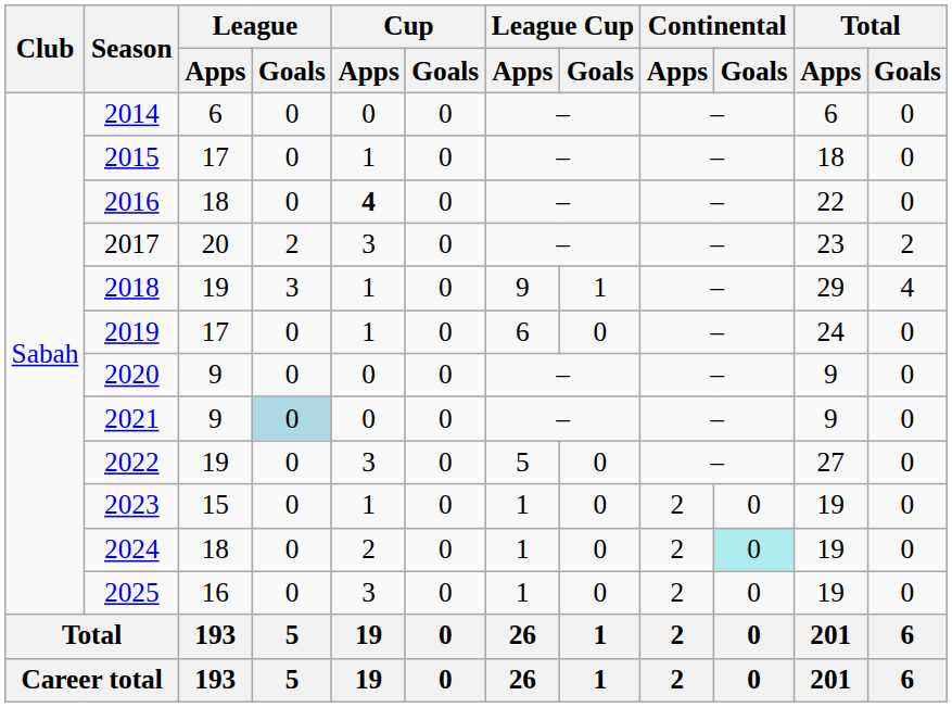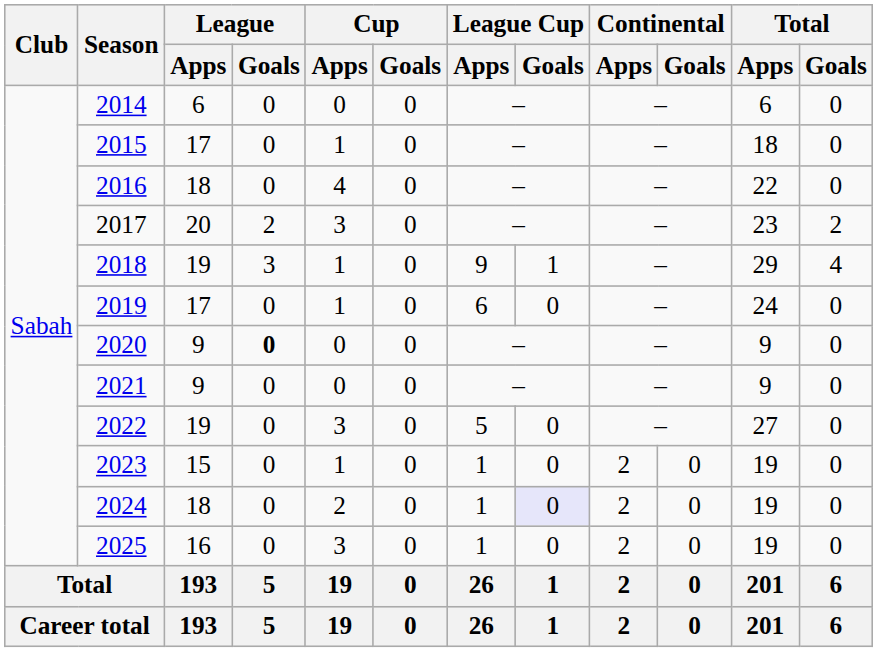 <table class="wikitable" style="text-align: center;">
 <tr>
 <th rowspan="2">Club</th>
 <th rowspan="2">Season</th>
 <th colspan="2">League</th>
 <th colspan="2">Cup</th>
 <th colspan="2">League Cup</th>
 <th colspan="2">Continental</th>
 <th colspan="2">Total</th>
 </tr>
 <tr>
 <th>Apps</th>
 <th>Goals</th>
 <th>Apps</th>
 <th>Goals</th>
 <th>Apps</th>
 <th>Goals</th>
 <th>Apps</th>
 <th>Goals</th>
 <th>Apps</th>
 <th>Goals</th>
 </tr>
 <tr>
 <td rowspan="12" valign="center"><a href='#'>Sabah</a></td>
 <td><a href='#'>2014</a></td>
 <td>6</td>
 <td>0</td>
 <td>0</td>
 <td>0</td>
 <td colspan=2>–</td>
 <td colspan=2>–</td>
 <td>6</td>
 <td>0</td>
 </tr>
 <tr>
 <td><a href='#'>2015</a></td>
 <td>17</td>
 <td>0</td>
 <td>1</td>
 <td>0</td>
 <td colspan=2>–</td>
 <td colspan=2>–</td>
 <td>18</td>
 <td>0</td>
 </tr>
 <tr>
 <td><a href='#'>2016</a></td>
 <td>18</td>
 <td>0</td>
-<td><strong>4</strong></td>
+<td>4</td>
 <td>0</td>
 <td colspan=2>–</td>
 <td colspan=2>–</td>
 <td>22</td>
 <td>0</td>
 </tr>
 <tr>
 <td>2017</td>
 <td>20</td>
 <td>2</td>
 <td>3</td>
 <td>0</td>
 <td colspan=2>–</td>
 <td colspan=2>–</td>
 <td>23</td>
 <td>2</td>
 </tr>
 <tr>
 <td><a href='#'>2018</a></td>
 <td>19</td>
 <td>3</td>
 <td>1</td>
 <td>0</td>
 <td>9</td>
 <td>1</td>
 <td colspan=2>–</td>
 <td>29</td>
 <td>4</td>
 </tr>
 <tr>
 <td><a href='#'>2019</a></td>
 <td>17</td>
 <td>0</td>
 <td>1</td>
 <td>0</td>
 <td>6</td>
 <td>0</td>
 <td colspan=2>–</td>
 <td>24</td>
 <td>0</td>
 </tr>
 <tr>
 <td><a href='#'>2020</a></td>
 <td>9</td>
-<td>0</td>
+<td><strong>0</strong></td>
 <td>0</td>
 <td>0</td>
 <td colspan=2>–</td>
 <td colspan=2>–</td>
 <td>9</td>
 <td>0</td>
 </tr>
 <tr>
 <td><a href='#'>2021</a></td>
 <td>9</td>
-<td style="background: lightblue;">0</td>
+<td>0</td>
 <td>0</td>
 <td>0</td>
 <td colspan=2>–</td>
 <td colspan=2>–</td>
 <td>9</td>
 <td>0</td>
 </tr>
 <tr>
 <td><a href='#'>2022</a></td>
 <td>19</td>
 <td>0</td>
 <td>3</td>
 <td>0</td>
 <td>5</td>
 <td>0</td>
 <td colspan=2>–</td>
 <td>27</td>
 <td>0</td>
 </tr>
 <tr>
 <td><a href='#'>2023</a></td>
 <td>15</td>
 <td>0</td>
 <td>1</td>
 <td>0</td>
 <td>1</td>
 <td>0</td>
 <td>2</td>
 <td>0</td>
 <td>19</td>
 <td>0</td>
 </tr>
 <tr>
 <td><a href='#'>2024</a></td>
 <td>18</td>
 <td>0</td>
 <td>2</td>
 <td>0</td>
 <td>1</td>
+<td style="background: lavender;">0</td>
+<td>2</td>
 <td>0</td>
-<td>2</td>
-<td style="background: paleturquoise;">0</td>
 <td>19</td>
 <td>0</td>
 </tr>
 <tr>
 <td><a href='#'>2025</a></td>
 <td>16</td>
 <td>0</td>
 <td>3</td>
 <td>0</td>
 <td>1</td>
 <td>0</td>
 <td>2</td>
 <td>0</td>
 <td>19</td>
 <td>0</td>
 </tr>
 <tr>
 <th colspan=2>Total</th>
 <th>193</th>
 <th>5</th>
 <th>19</th>
 <th>0</th>
 <th>26</th>
 <th>1</th>
 <th>2</th>
 <th>0</th>
 <th>201</th>
 <th>6</th>
 </tr>
 <tr>
 <th colspan=2>Career total</th>
 <th>193</th>
 <th>5</th>
 <th>19</th>
 <th>0</th>
 <th>26</th>
 <th>1</th>
 <th>2</th>
 <th>0</th>
 <th>201</th>
 <th>6</th>
 </tr>
 </table>
